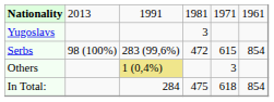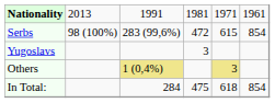 <table class="wikitable" style="align:left; margin:0.5em 0 0; border-style:solid; border:1px solid #999; border-right-width:2px; border-bottom-width:2px; border-collapse:collapse; font-size:100%;">
 <tr>
 <td style="background:#ddffdd;"><strong>Nationality</strong></td>
 <td>2013</td>
 <td style="text-align:center;">1991</td>
 <td style="text-align:center;">1981</td>
 <td style="text-align:center;">1971</td>
 <td style="text-align:center;">1961</td>
 </tr>
 <tr>
+<td style="background:#f3fff3;"><a href='#'>Serbs</a></td>
+<td>98 (100%)</td>
+<td align="right">283 (99,6%)</td>
+<td align="right">472</td>
+<td align="right">615</td>
+<td align="right">854</td>
+</tr>
+<tr>
 <td style="background:#f3fff3;"><a href='#'>Yugoslavs</a></td>
 <td></td>
 <td></td>
 <td align="right">3</td>
 <td></td>
 <td></td>
 </tr>
 <tr>
-<td style="background:#f3fff3;"><a href='#'>Serbs</a></td>
-<td>98 (100%)</td>
-<td align="right">283 (99,6%)</td>
-<td align="right">472</td>
-<td align="right">615</td>
-<td align="right">854</td>
-</tr>
-<tr>
 <td style="background:#f3fff3;">Others</td>
 <td></td>
 <td style="background: khaki;">1 (0,4%)</td>
 <td></td>
-<td align="right">3</td>
+<td align="right" style="background: khaki;">3</td>
 <td></td>
 </tr>
 <tr>
 <td style="background:#f3fff3;">In Total:</td>
 <td></td>
 <td style="text-align:right;">284</td>
 <td style="text-align:right;">475</td>
 <td style="text-align:right;">618</td>
 <td style="text-align:right;">854</td>
 </tr>
 </table>
